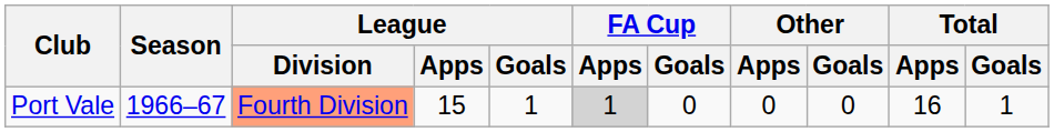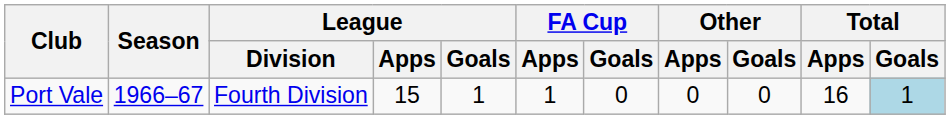 <table class="wikitable" style="text-align:center">
 <tr>
 <th rowspan="2">Club</th>
 <th rowspan="2">Season</th>
 <th colspan="3">League</th>
 <th colspan="2"><a href='#'>FA Cup</a></th>
 <th colspan="2">Other</th>
 <th colspan="2">Total</th>
 </tr>
 <tr>
 <th>Division</th>
 <th>Apps</th>
 <th>Goals</th>
 <th>Apps</th>
 <th>Goals</th>
 <th>Apps</th>
 <th>Goals</th>
 <th>Apps</th>
 <th>Goals</th>
 </tr>
 <tr>
 <td><a href='#'>Port Vale</a></td>
 <td><a href='#'>1966–67</a></td>
-<td style="background: lightsalmon;"><a href='#'>Fourth Division</a></td>
+<td><a href='#'>Fourth Division</a></td>
 <td>15</td>
 <td>1</td>
-<td style="background: lightgrey;">1</td>
+<td>1</td>
 <td>0</td>
 <td>0</td>
 <td>0</td>
 <td>16</td>
-<td>1</td>
+<td style="background: lightblue;">1</td>
 </tr>
 </table>
